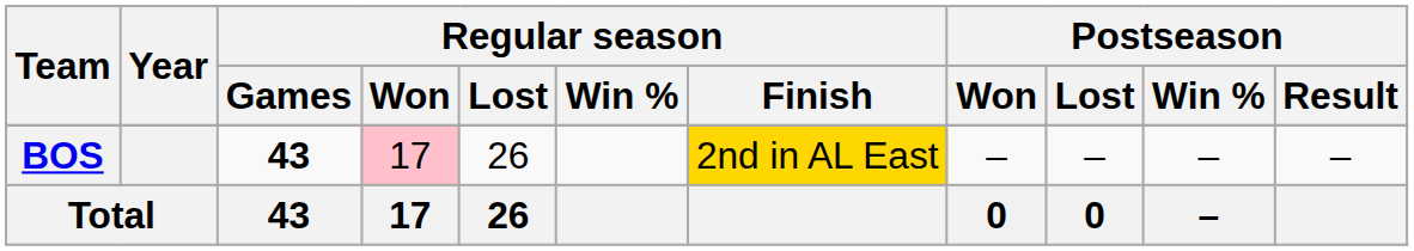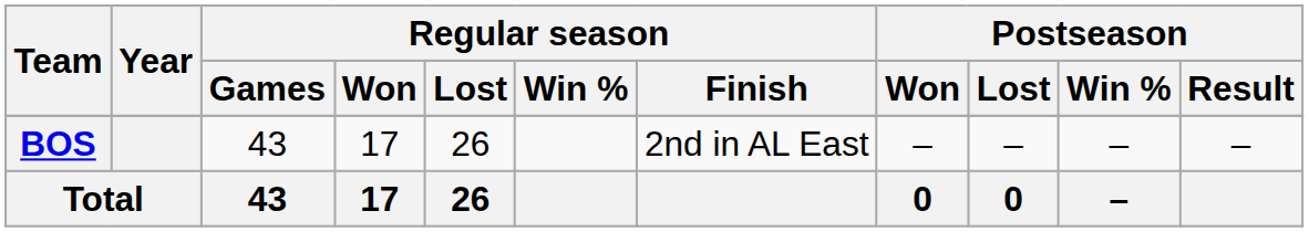 <table class="wikitable" style="font-size: 95%; text-align:center;">
 <tr>
 <th rowspan="2">Team</th>
 <th rowspan="2">Year</th>
 <th colspan="5">Regular season</th>
 <th colspan="4">Postseason</th>
 </tr>
 <tr>
 <th>Games</th>
 <th>Won</th>
 <th>Lost</th>
 <th>Win %</th>
 <th>Finish</th>
 <th>Won</th>
 <th>Lost</th>
 <th>Win %</th>
 <th>Result</th>
 </tr>
 <tr>
 </tr>
 <tr>
 <th><a href='#'>BOS</a></th>
 <th></th>
-<td><strong>43</strong></td>
-<td style="background: pink;">17</td>
+<td>43</td>
+<td>17</td>
 <td>26</td>
 <td></td>
-<td style="background: gold;">2nd in AL East</td>
+<td>2nd in AL East</td>
 <td>–</td>
 <td>–</td>
 <td>–</td>
 <td>–</td>
 </tr>
 <tr>
 <th colspan="2">Total</th>
 <th>43</th>
 <th>17</th>
 <th>26</th>
 <th></th>
 <th></th>
 <th>0</th>
 <th>0</th>
 <th>–</th>
 <th></th>
 </tr>
 </table>
